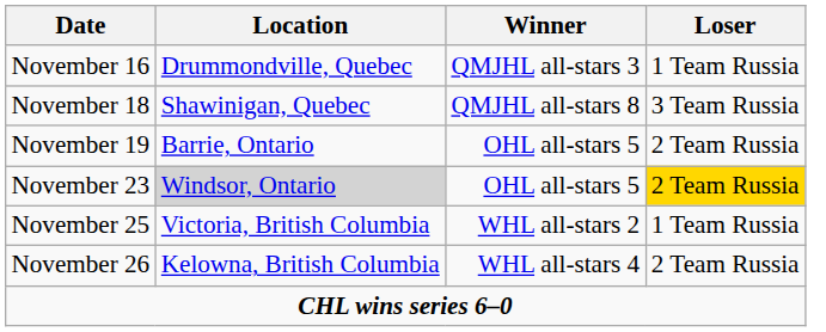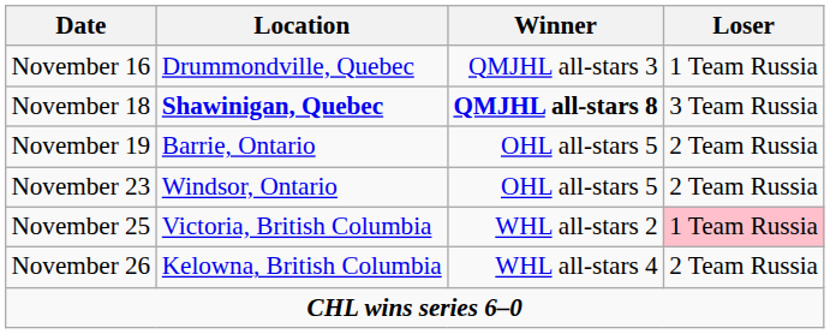 <table class="wikitable">
 <tr>
 <th>Date</th>
 <th>Location</th>
 <th>Winner</th>
 <th>Loser</th>
 </tr>
 <tr>
 <td>November 16</td>
 <td><a href='#'>Drummondville, Quebec</a></td>
 <td align="right"><a href='#'>QMJHL</a> all-stars 3</td>
 <td>1 Team Russia</td>
 </tr>
 <tr>
 <td>November 18</td>
-<td><a href='#'>Shawinigan, Quebec</a></td>
-<td align="right"><a href='#'>QMJHL</a> all-stars 8</td>
+<td><strong><a href='#'>Shawinigan, Quebec</a></strong></td>
+<td align="right"><strong><a href='#'>QMJHL</a> all-stars 8</strong></td>
 <td>3 Team Russia</td>
 </tr>
 <tr>
 <td>November 19</td>
 <td><a href='#'>Barrie, Ontario</a></td>
 <td align="right"><a href='#'>OHL</a> all-stars 5</td>
 <td>2 Team Russia</td>
 </tr>
 <tr>
 <td>November 23</td>
-<td style="background: lightgrey;"><a href='#'>Windsor, Ontario</a></td>
+<td><a href='#'>Windsor, Ontario</a></td>
 <td align="right"><a href='#'>OHL</a> all-stars 5</td>
-<td style="background: gold;">2 Team Russia</td>
+<td>2 Team Russia</td>
 </tr>
 <tr>
 <td>November 25</td>
 <td><a href='#'>Victoria, British Columbia</a></td>
 <td align="right"><a href='#'>WHL</a> all-stars 2</td>
-<td>1 Team Russia</td>
+<td style="background: pink;">1 Team Russia</td>
 </tr>
 <tr>
 <td>November 26</td>
 <td><a href='#'>Kelowna, British Columbia</a></td>
 <td align="right"><a href='#'>WHL</a> all-stars 4</td>
 <td>2 Team Russia</td>
 </tr>
 <tr align="center">
 <td colspan="4"><strong><em>CHL wins series 6–0</em></strong></td>
 </tr>
 </table>
